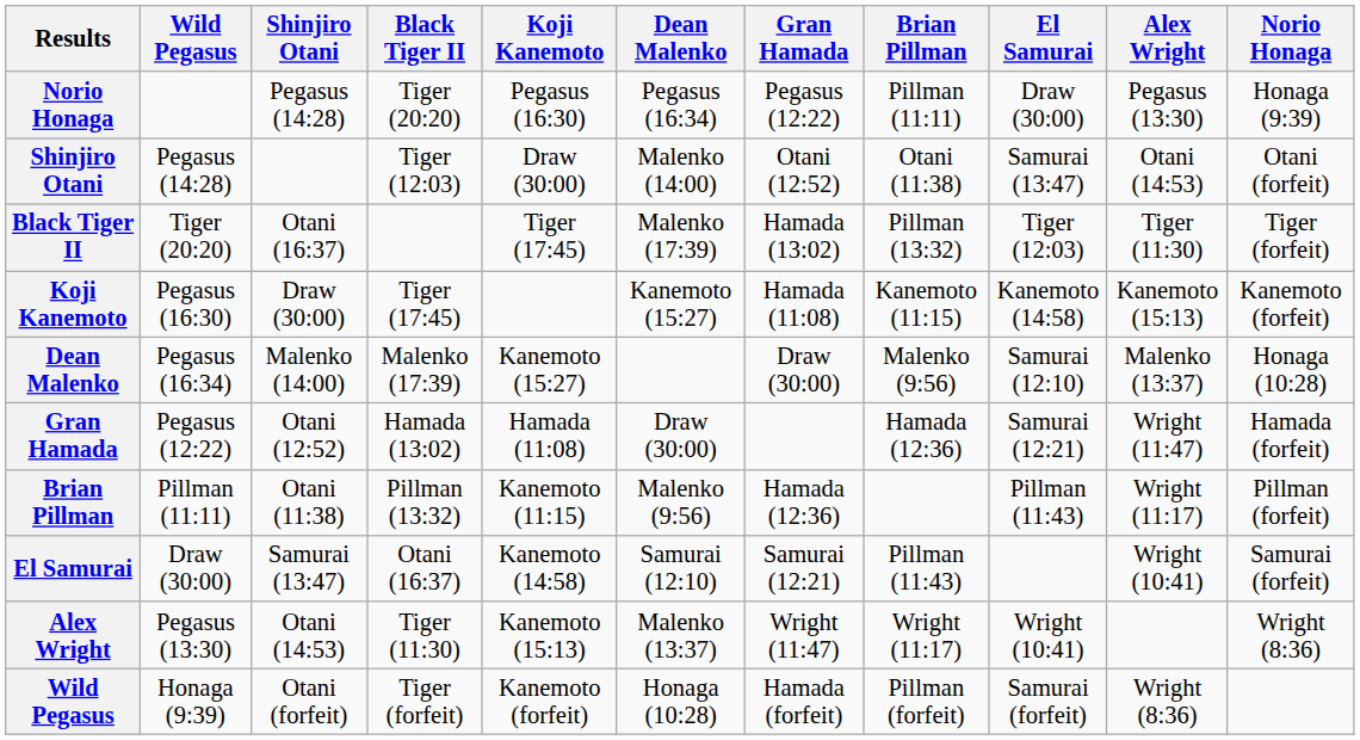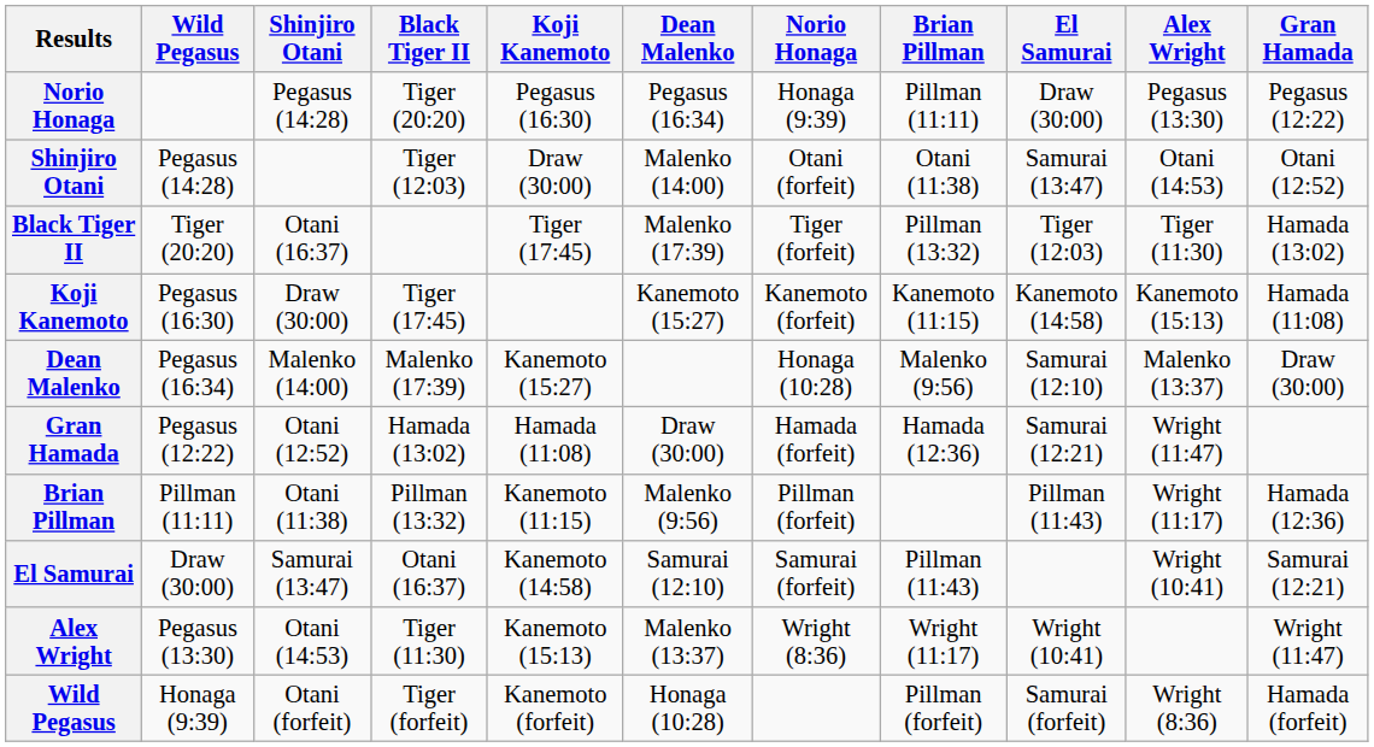 <table class="wikitable" style="text-align:center; margin: 1em auto 1em auto">
 <tr align="center">
 <th>Results</th>
 <th><a href='#'>Wild Pegasus</a></th>
 <th><a href='#'>Shinjiro Otani</a></th>
 <th><a href='#'>Black Tiger II</a></th>
 <th><a href='#'>Koji Kanemoto</a></th>
 <th><a href='#'>Dean Malenko</a></th>
-<th><a href='#'>Gran Hamada</a></th>
+<th><a href='#'>Norio Honaga</a></th>
 <th><a href='#'>Brian Pillman</a></th>
 <th><a href='#'>El Samurai</a></th>
 <th><a href='#'>Alex Wright</a></th>
-<th><a href='#'>Norio Honaga</a></th>
+<th><a href='#'>Gran Hamada</a></th>
 </tr>
 <tr>
 <th><a href='#'>Norio Honaga</a></th>
 <td></td>
 <td>Pegasus<br>(14:28)</td>
 <td>Tiger<br>(20:20)</td>
 <td>Pegasus<br>(16:30)</td>
 <td>Pegasus<br>(16:34)</td>
-<td>Pegasus<br>(12:22)</td>
+<td>Honaga<br>(9:39)</td>
 <td>Pillman<br>(11:11)</td>
 <td>Draw<br>(30:00)</td>
 <td>Pegasus<br>(13:30)</td>
-<td>Honaga<br>(9:39)</td>
+<td>Pegasus<br>(12:22)</td>
 </tr>
 <tr>
 <th><a href='#'>Shinjiro Otani</a></th>
 <td>Pegasus<br>(14:28)</td>
 <td></td>
 <td>Tiger<br>(12:03)</td>
 <td>Draw<br>(30:00)</td>
 <td>Malenko<br>(14:00)</td>
-<td>Otani<br>(12:52)</td>
+<td>Otani<br>(forfeit)</td>
 <td>Otani<br>(11:38)</td>
 <td>Samurai<br>(13:47)</td>
 <td>Otani<br>(14:53)</td>
-<td>Otani<br>(forfeit)</td>
+<td>Otani<br>(12:52)</td>
 </tr>
 <tr>
 <th><a href='#'>Black Tiger II</a></th>
 <td>Tiger<br>(20:20)</td>
 <td>Otani<br>(16:37)</td>
 <td></td>
 <td>Tiger<br>(17:45)</td>
 <td>Malenko<br>(17:39)</td>
-<td>Hamada<br>(13:02)</td>
+<td>Tiger<br>(forfeit)</td>
 <td>Pillman<br>(13:32)</td>
 <td>Tiger<br>(12:03)</td>
 <td>Tiger<br>(11:30)</td>
-<td>Tiger<br>(forfeit)</td>
+<td>Hamada<br>(13:02)</td>
 </tr>
 <tr>
 <th><a href='#'>Koji Kanemoto</a></th>
 <td>Pegasus<br>(16:30)</td>
 <td>Draw<br>(30:00)</td>
 <td>Tiger<br>(17:45)</td>
 <td></td>
 <td>Kanemoto<br>(15:27)</td>
-<td>Hamada<br>(11:08)</td>
+<td>Kanemoto<br>(forfeit)</td>
 <td>Kanemoto<br>(11:15)</td>
 <td>Kanemoto<br>(14:58)</td>
 <td>Kanemoto<br>(15:13)</td>
-<td>Kanemoto<br>(forfeit)</td>
+<td>Hamada<br>(11:08)</td>
 </tr>
 <tr>
 <th><a href='#'>Dean Malenko</a></th>
 <td>Pegasus<br>(16:34)</td>
 <td>Malenko<br>(14:00)</td>
 <td>Malenko<br>(17:39)</td>
 <td>Kanemoto<br>(15:27)</td>
 <td></td>
-<td>Draw<br>(30:00)</td>
+<td>Honaga<br>(10:28)</td>
 <td>Malenko<br>(9:56)</td>
 <td>Samurai<br>(12:10)</td>
 <td>Malenko<br>(13:37)</td>
-<td>Honaga<br>(10:28)</td>
+<td>Draw<br>(30:00)</td>
 </tr>
 <tr>
 <th><a href='#'>Gran Hamada</a></th>
 <td>Pegasus<br>(12:22)</td>
 <td>Otani<br>(12:52)</td>
 <td>Hamada<br>(13:02)</td>
 <td>Hamada<br>(11:08)</td>
 <td>Draw<br>(30:00)</td>
-<td></td>
+<td>Hamada<br>(forfeit)</td>
 <td>Hamada<br>(12:36)</td>
 <td>Samurai<br>(12:21)</td>
 <td>Wright<br>(11:47)</td>
-<td>Hamada<br>(forfeit)</td>
+<td></td>
 </tr>
 <tr>
 <th><a href='#'>Brian Pillman</a></th>
 <td>Pillman<br>(11:11)</td>
 <td>Otani<br>(11:38)</td>
 <td>Pillman<br>(13:32)</td>
 <td>Kanemoto<br>(11:15)</td>
 <td>Malenko<br>(9:56)</td>
-<td>Hamada<br>(12:36)</td>
+<td>Pillman<br>(forfeit)</td>
 <td></td>
 <td>Pillman<br>(11:43)</td>
 <td>Wright<br>(11:17)</td>
-<td>Pillman<br>(forfeit)</td>
+<td>Hamada<br>(12:36)</td>
 </tr>
 <tr>
 <th><a href='#'>El Samurai</a></th>
 <td>Draw<br>(30:00)</td>
 <td>Samurai<br>(13:47)</td>
 <td>Otani<br>(16:37)</td>
 <td>Kanemoto<br>(14:58)</td>
 <td>Samurai<br>(12:10)</td>
-<td>Samurai<br>(12:21)</td>
+<td>Samurai<br>(forfeit)</td>
 <td>Pillman<br>(11:43)</td>
 <td></td>
 <td>Wright<br>(10:41)</td>
-<td>Samurai<br>(forfeit)</td>
+<td>Samurai<br>(12:21)</td>
 </tr>
 <tr>
 <th><a href='#'>Alex Wright</a></th>
 <td>Pegasus<br>(13:30)</td>
 <td>Otani<br>(14:53)</td>
 <td>Tiger<br>(11:30)</td>
 <td>Kanemoto<br>(15:13)</td>
 <td>Malenko<br>(13:37)</td>
-<td>Wright<br>(11:47)</td>
+<td>Wright<br>(8:36)</td>
 <td>Wright<br>(11:17)</td>
 <td>Wright<br>(10:41)</td>
 <td></td>
-<td>Wright<br>(8:36)</td>
+<td>Wright<br>(11:47)</td>
 </tr>
 <tr>
 <th><a href='#'>Wild Pegasus</a></th>
 <td>Honaga<br>(9:39)</td>
 <td>Otani<br>(forfeit)</td>
 <td>Tiger<br>(forfeit)</td>
 <td>Kanemoto<br>(forfeit)</td>
 <td>Honaga<br>(10:28)</td>
-<td>Hamada<br>(forfeit)</td>
+<td></td>
 <td>Pillman<br>(forfeit)</td>
 <td>Samurai<br>(forfeit)</td>
 <td>Wright<br>(8:36)</td>
-<td></td>
+<td>Hamada<br>(forfeit)</td>
 </tr>
 </table>
